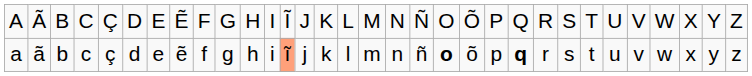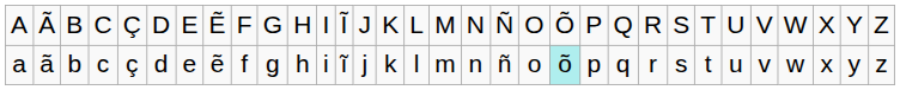 <table class=wikitable style="text-align:center;font-size:x-large">
 <tr>
 <td>A</td>
 <td>Ã</td>
 <td>B</td>
 <td>C</td>
 <td>Ç</td>
 <td>D</td>
 <td>E</td>
 <td>Ẽ</td>
 <td>F</td>
 <td>G</td>
 <td>H</td>
 <td>I</td>
 <td>Ĩ</td>
 <td>J</td>
 <td>K</td>
 <td>L</td>
 <td>M</td>
 <td>N</td>
 <td>Ñ</td>
 <td>O</td>
 <td>Õ</td>
 <td>P</td>
 <td>Q</td>
 <td>R</td>
 <td>S</td>
 <td>T</td>
 <td>U</td>
 <td>V</td>
 <td>W</td>
 <td>X</td>
 <td>Y</td>
 <td>Z</td>
 </tr>
 <tr>
 <td>a</td>
 <td>ã</td>
 <td>b</td>
 <td>c</td>
 <td>ç</td>
 <td>d</td>
 <td>e</td>
 <td>ẽ</td>
 <td>f</td>
 <td>g</td>
 <td>h</td>
 <td>i</td>
-<td style="background: lightsalmon;">ĩ</td>
+<td>ĩ</td>
 <td>j</td>
 <td>k</td>
 <td>l</td>
 <td>m</td>
 <td>n</td>
 <td>ñ</td>
-<td><strong>o</strong></td>
-<td>õ</td>
+<td>o</td>
+<td style="background: paleturquoise;">õ</td>
 <td>p</td>
-<td><strong>q</strong></td>
+<td>q</td>
 <td>r</td>
 <td>s</td>
 <td>t</td>
 <td>u</td>
 <td>v</td>
 <td>w</td>
 <td>x</td>
 <td>y</td>
 <td>z</td>
 </tr>
 </table>
